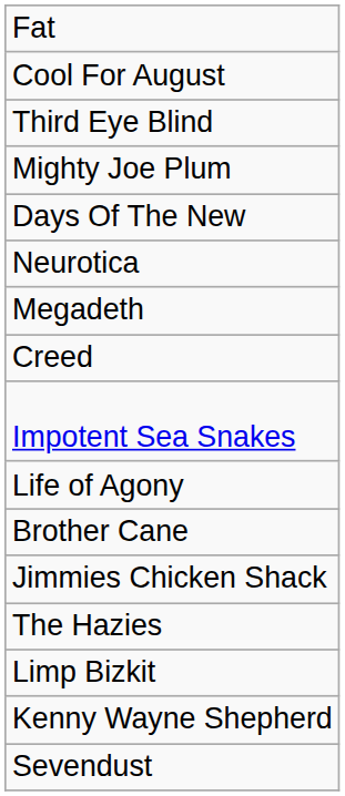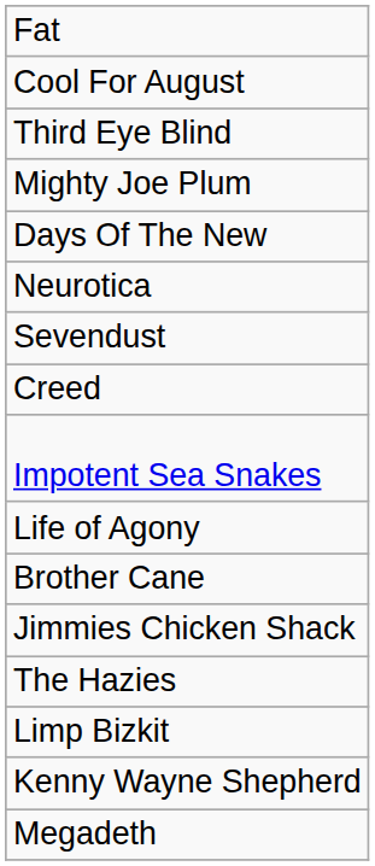 <table class="wikitable">
 <tr>
 <td>Fat</td>
 </tr>
 <tr>
 <td>Cool For August</td>
 </tr>
 <tr>
 <td>Third Eye Blind</td>
 </tr>
 <tr>
 <td>Mighty Joe Plum</td>
 </tr>
 <tr>
 <td>Days Of The New</td>
 </tr>
 <tr>
 <td>Neurotica</td>
 </tr>
 <tr>
-<td>Megadeth</td>
+<td>Sevendust</td>
 </tr>
 <tr>
 <td>Creed</td>
 </tr>
 <tr>
 <td><br><a href='#'>Impotent Sea Snakes</a></td>
 </tr>
 <tr>
 <td>Life of Agony</td>
 </tr>
 <tr>
 <td>Brother Cane</td>
 </tr>
 <tr>
 <td>Jimmies Chicken Shack</td>
 </tr>
 <tr>
 <td>The Hazies</td>
 </tr>
 <tr>
 <td>Limp Bizkit</td>
 </tr>
 <tr>
 <td>Kenny Wayne Shepherd</td>
 </tr>
 <tr>
-<td>Sevendust</td>
+<td>Megadeth</td>
 </tr>
 </table>
